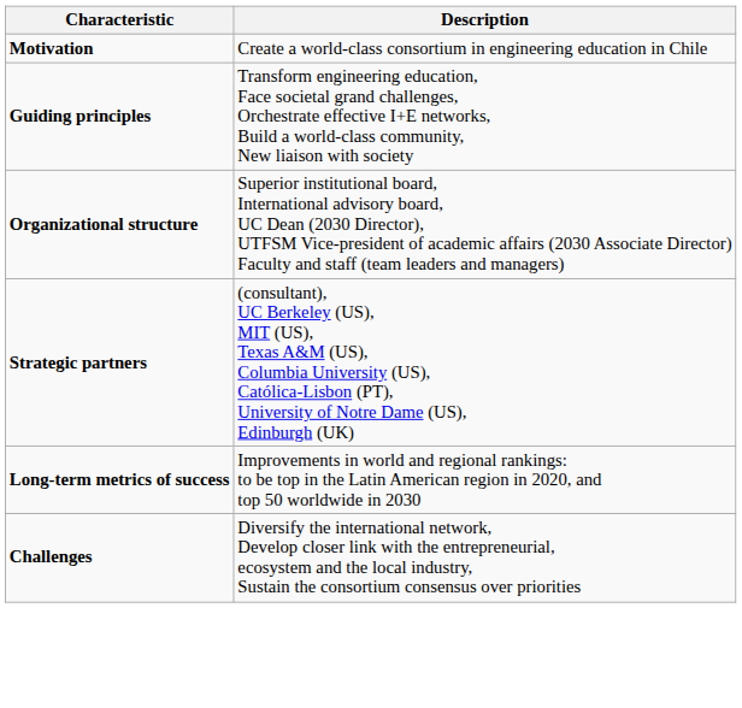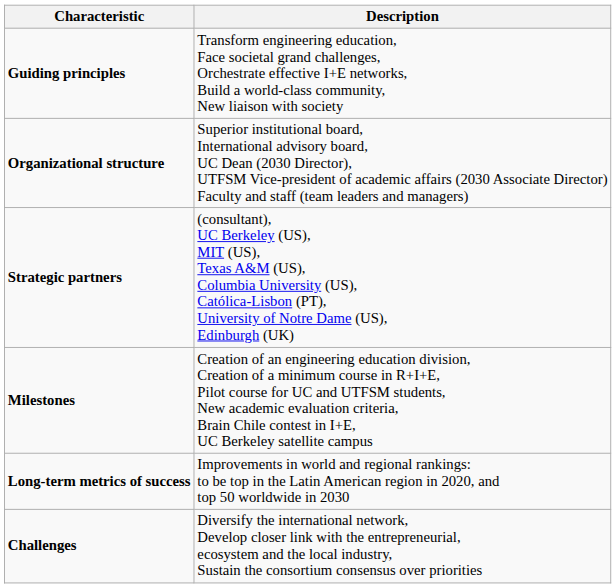 <table class="wikitable" style="display: inline-table;">
 <tr>
 <th>Characteristic</th>
 <th>Description</th>
-</tr>
-<tr>
-<td><strong>Motivation</strong></td>
-<td>Create a world-class consortium in engineering education in Chile</td>
 </tr>
 <tr>
 <td><strong>Guiding principles</strong></td>
 <td>Transform engineering education, <br>Face societal grand challenges, <br>Orchestrate effective I+E networks, <br>Build a world-class community, <br>New liaison with society</td>
 </tr>
 <tr>
 <td><strong>Organizational structure</strong></td>
 <td>Superior institutional board, <br>International advisory board, <br>UC Dean (2030 Director), <br>UTFSM Vice-president of academic affairs (2030 Associate Director) <br>Faculty and staff (team leaders and managers)</td>
 </tr>
 <tr>
 <td><strong>Strategic partners</strong></td>
 <td> (consultant),<br><a href='#'>UC Berkeley</a> (US),<br><a href='#'>MIT</a> (US),<br><a href='#'>Texas A&M</a> (US),<br><a href='#'>Columbia University</a> (US),<br><a href='#'>Católica-Lisbon</a> (PT),<br><a href='#'>University of Notre Dame</a> (US),<br><a href='#'>Edinburgh</a> (UK)</td>
 </tr>
 <tr>
+<td><strong>Milestones</strong></td>
+<td>Creation of an engineering education division,<br>Creation of a minimum course in R+I+E,<br>Pilot course for UC and UTFSM students,<br>New academic evaluation criteria,<br>Brain Chile contest in I+E,<br>UC Berkeley satellite campus</td>
+</tr>
+<tr>
 <td><strong>Long-term metrics of success</strong></td>
 <td>Improvements in world and regional rankings: <br>to be top in the Latin American region in 2020, and <br>top 50 worldwide in 2030</td>
 </tr>
 <tr>
 <td><strong>Challenges</strong></td>
 <td>Diversify the international network,<br>Develop closer link with the entrepreneurial,<br>ecosystem and the local industry,<br>Sustain the consortium consensus over priorities</td>
 </tr>
 </table>
